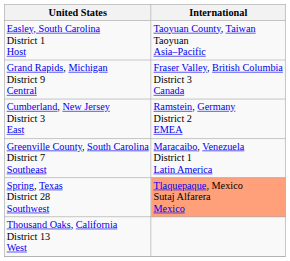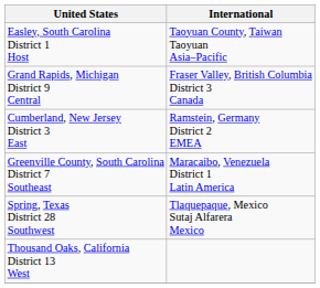 <table class="wikitable">
 <tr>
 <th>United States</th>
 <th>International</th>
 </tr>
 <tr>
 <td> <a href='#'>Easley, South Carolina</a><br>District 1<br><a href='#'>Host</a></td>
 <td> <a href='#'>Taoyuan County</a>, <a href='#'>Taiwan</a><br>Taoyuan<br><a href='#'>Asia–Pacific</a></td>
 </tr>
 <tr>
 <td> <a href='#'>Grand Rapids</a>, <a href='#'>Michigan</a><br>District 9<br><a href='#'>Central</a></td>
 <td> <a href='#'>Fraser Valley</a>, <a href='#'>British Columbia</a><br>District 3<br><a href='#'>Canada</a></td>
 </tr>
 <tr>
 <td> <a href='#'>Cumberland</a>, <a href='#'>New Jersey</a><br>District 3<br><a href='#'>East</a></td>
 <td> <a href='#'>Ramstein</a>, <a href='#'>Germany</a><br>District 2<br><a href='#'>EMEA</a></td>
 </tr>
 <tr>
 <td> <a href='#'>Greenville County</a>, <a href='#'>South Carolina</a><br>District 7<br><a href='#'>Southeast</a></td>
 <td> <a href='#'>Maracaibo</a>,  <a href='#'>Venezuela</a><br>District 1<br><a href='#'>Latin America</a></td>
 </tr>
 <tr>
 <td> <a href='#'>Spring</a>, <a href='#'>Texas</a><br>District 28<br><a href='#'>Southwest</a></td>
-<td style="background: lightsalmon;"> <a href='#'>Tlaquepaque</a>,  Mexico<br>Sutaj Alfarera<br><a href='#'>Mexico</a></td>
+<td> <a href='#'>Tlaquepaque</a>,  Mexico<br>Sutaj Alfarera<br><a href='#'>Mexico</a></td>
 </tr>
 <tr>
 <td> <a href='#'>Thousand Oaks</a>,  <a href='#'>California</a><br>District 13<br><a href='#'>West</a></td>
 <td></td>
 </tr>
 <tr>
 </tr>
 </table>
